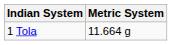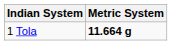 <table class="wikitable">
 <tr>
 <th>Indian System</th>
 <th>Metric System</th>
 </tr>
 <tr>
 <td>1 <a href='#'>Tola</a></td>
-<td>11.664 g</td>
+<td><strong>11.664 g</strong></td>
 </tr>
 </table>
